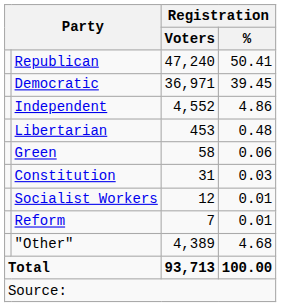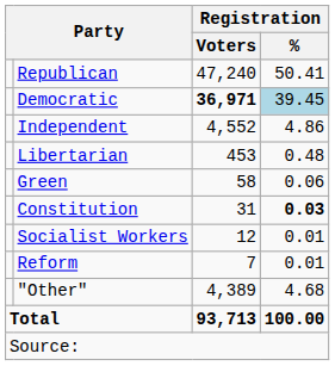 <table class="wikitable">
 <tr>
 <th colspan="2" rowspan="2">Party</th>
 <th colspan="2">Registration</th>
 </tr>
 <tr>
 <th>Voters</th>
 <th>%</th>
 </tr>
 <tr>
 <td style="background-color:"></td>
 <td><a href='#'>Republican</a></td>
 <td style="text-align:right;">47,240</td>
 <td style="text-align:right;">50.41</td>
 </tr>
 <tr>
 <td style="background-color:"></td>
 <td><a href='#'>Democratic</a></td>
-<td style="text-align:right;">36,971</td>
-<td style="text-align:right;">39.45</td>
+<td style="text-align:right;"><strong>36,971</strong></td>
+<td style="background: lightblue; text-align:right;">39.45</td>
 </tr>
 <tr>
 <td style="background-color:"></td>
 <td><a href='#'>Independent</a></td>
 <td style="text-align:right;">4,552</td>
 <td style="text-align:right;">4.86</td>
 </tr>
 <tr>
 <td style="background-color:"></td>
 <td><a href='#'>Libertarian</a></td>
 <td style="text-align:right;">453</td>
 <td style="text-align:right;">0.48</td>
 </tr>
 <tr>
 <td style="background-color:"></td>
 <td><a href='#'>Green</a></td>
 <td style="text-align:right;">58</td>
 <td style="text-align:right;">0.06</td>
 </tr>
 <tr>
 <td style="background-color:"></td>
 <td><a href='#'>Constitution</a></td>
 <td style="text-align:right;">31</td>
-<td style="text-align:right;">0.03</td>
+<td style="text-align:right;"><strong>0.03</strong></td>
 </tr>
 <tr>
 <td style="background-color:"></td>
 <td><a href='#'>Socialist Workers</a></td>
 <td style="text-align:right;">12</td>
 <td style="text-align:right;">0.01</td>
 </tr>
 <tr>
 <td style="background-color:"></td>
 <td><a href='#'>Reform</a></td>
 <td style="text-align:right;">7</td>
 <td style="text-align:right;">0.01</td>
 </tr>
 <tr>
 <td></td>
 <td>"Other"</td>
 <td style="text-align:right;">4,389</td>
 <td style="text-align:right;">4.68</td>
 </tr>
 <tr>
 <td colspan="2"><strong>Total</strong></td>
 <td style="text-align:right;"><strong>93,713</strong></td>
 <td style="text-align:right;"><strong>100.00</strong></td>
 </tr>
 <tr>
 <td colspan="4">Source: <em></em></td>
 </tr>
 </table>
